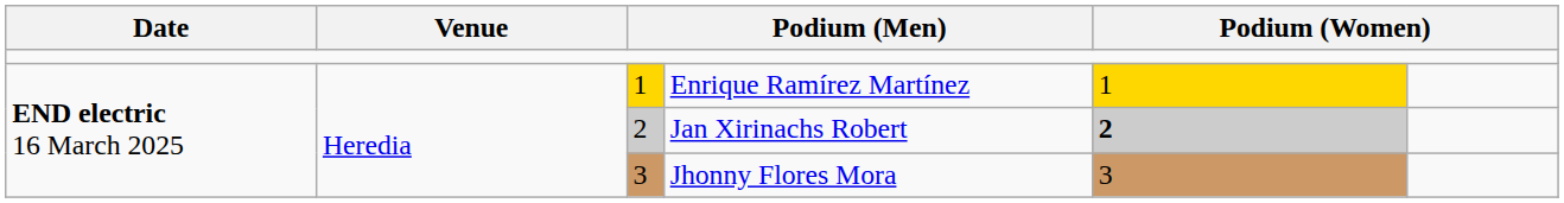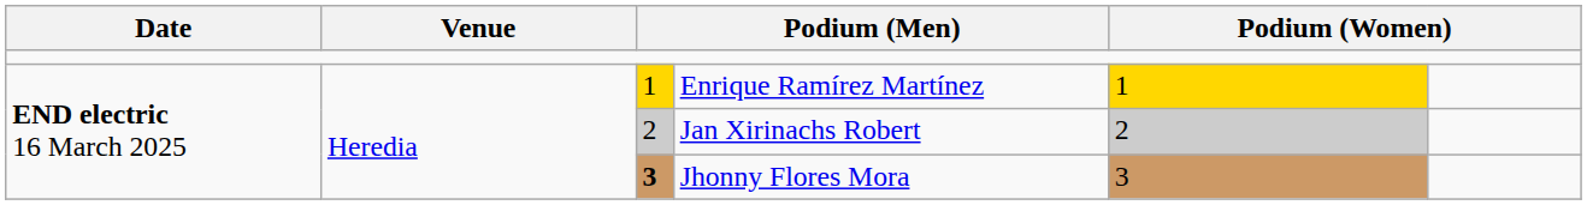 <table class="wikitable" width=70%>
 <tr>
 <th>Date</th>
 <th width=20%>Venue</th>
 <th colspan=2 width=30%>Podium (Men)</th>
 <th colspan=2 width=30%>Podium (Women)</th>
 </tr>
 <tr>
 <td colspan=6></td>
 </tr>
 <tr>
 <td rowspan=3><strong>END electric</strong> <br> 16 March 2025</td>
 <td rowspan=3><br><a href='#'>Heredia</a></td>
 <td bgcolor=FFD700>1</td>
 <td><a href='#'>Enrique Ramírez Martínez</a></td>
 <td bgcolor=FFD700>1</td>
 <td></td>
 </tr>
 <tr>
 <td bgcolor=CCCCCC>2</td>
 <td><a href='#'>Jan Xirinachs Robert</a></td>
-<td bgcolor=CCCCCC><strong>2</strong></td>
+<td bgcolor=CCCCCC>2</td>
 <td></td>
 </tr>
 <tr>
-<td bgcolor=CC9966>3</td>
+<td bgcolor=CC9966><strong>3</strong></td>
 <td><a href='#'>Jhonny Flores Mora</a></td>
 <td bgcolor=CC9966>3</td>
 <td></td>
 </tr>
 </table>
